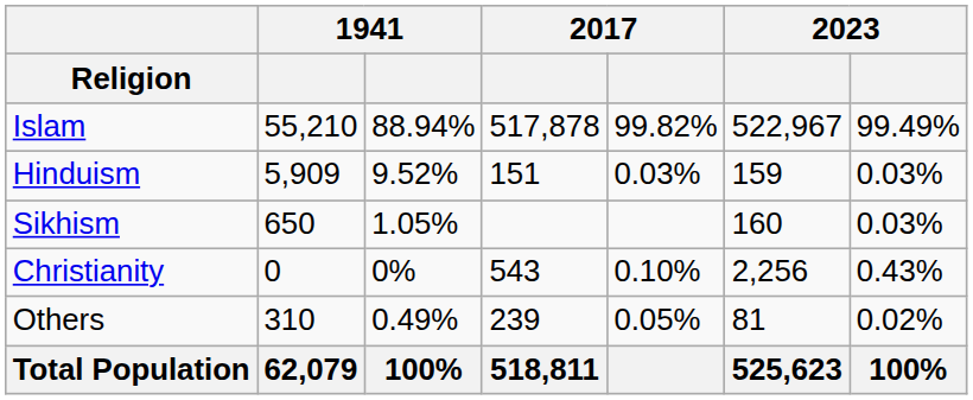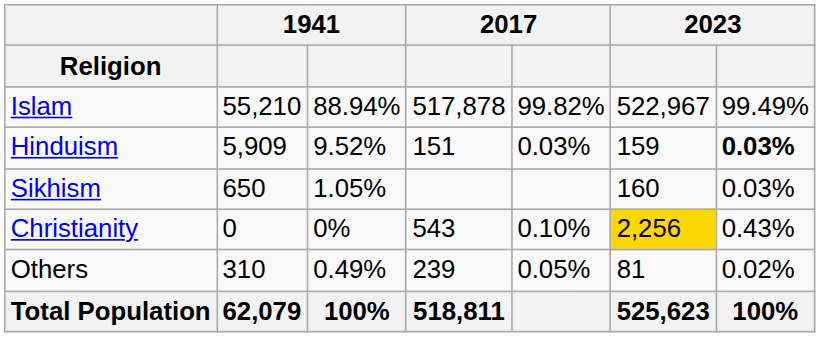 <table class="wikitable sortable">
 <tr>
 <th></th>
 <th colspan="2">1941</th>
 <th colspan="2">2017</th>
 <th colspan="2">2023</th>
 </tr>
 <tr>
 <th>Religion</th>
 <th></th>
 <th></th>
 <th></th>
 <th></th>
 <th></th>
 <th></th>
 </tr>
 <tr>
 <td><a href='#'>Islam</a> </td>
 <td>55,210</td>
 <td>88.94%</td>
 <td>517,878</td>
 <td>99.82%</td>
 <td>522,967</td>
 <td>99.49%</td>
 </tr>
 <tr>
 <td><a href='#'>Hinduism</a> </td>
 <td>5,909</td>
 <td>9.52%</td>
 <td>151</td>
 <td>0.03%</td>
 <td>159</td>
-<td>0.03%</td>
+<td><strong>0.03%</strong></td>
 </tr>
 <tr>
 <td><a href='#'>Sikhism</a> </td>
 <td>650</td>
 <td>1.05%</td>
 <td></td>
 <td></td>
 <td>160</td>
 <td>0.03%</td>
 </tr>
 <tr>
 <td><a href='#'>Christianity</a> </td>
 <td>0</td>
 <td>0%</td>
 <td>543</td>
 <td>0.10%</td>
-<td>2,256</td>
+<td style="background: gold;">2,256</td>
 <td>0.43%</td>
 </tr>
 <tr>
 <td>Others</td>
 <td>310</td>
 <td>0.49%</td>
 <td>239</td>
 <td>0.05%</td>
 <td>81</td>
 <td>0.02%</td>
 </tr>
 <tr>
 <th>Total Population</th>
 <th>62,079</th>
 <th>100%</th>
 <th>518,811</th>
 <th></th>
 <th>525,623</th>
 <th>100%</th>
 </tr>
 </table>
